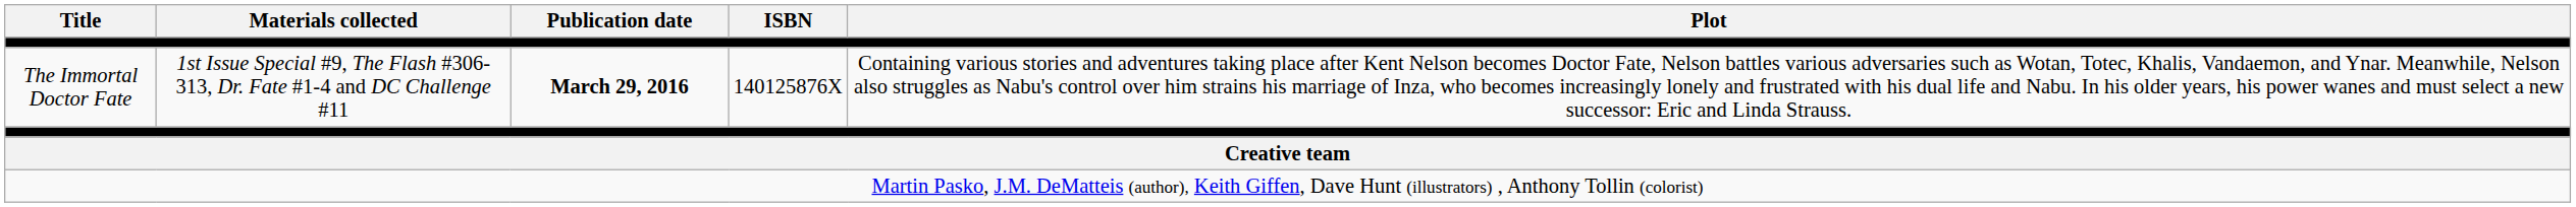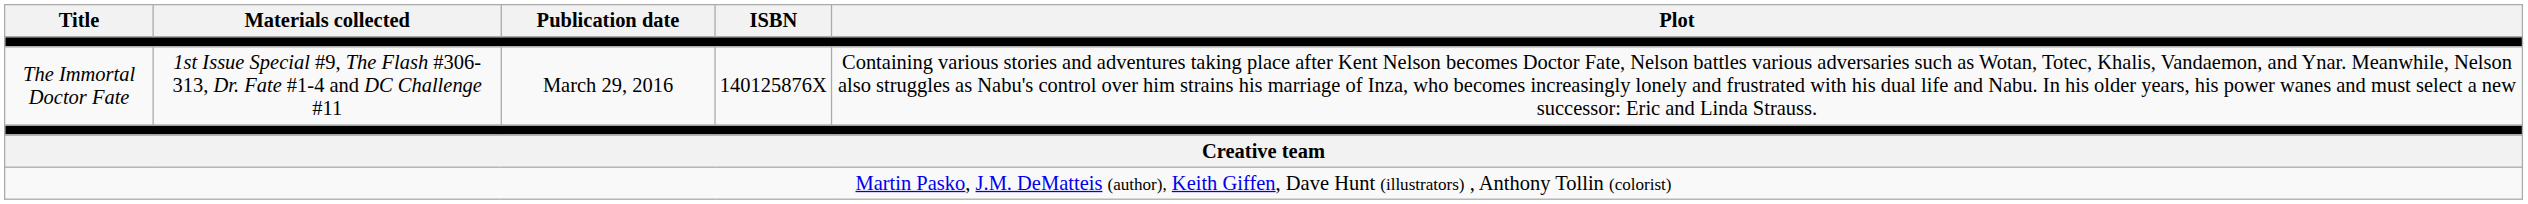 <table class="wikitable" style="text-align: center">
 <tr>
 <th>Title</th>
 <th>Materials collected</th>
 <th style="width: 10em">Publication date</th>
 <th>ISBN</th>
 <th>Plot</th>
 </tr>
 <tr>
 <td colspan="5" style="background:#000000"></td>
 </tr>
 <tr>
 <td><em>The Immortal Doctor Fate</em></td>
 <td><em>1st Issue Special</em> #9, <em>The Flash</em> #306-313, <em>Dr. Fate</em> #1-4 and <em>DC Challenge</em> #11</td>
-<td><strong>March 29, 2016</strong></td>
+<td>March 29, 2016</td>
 <td>140125876X</td>
 <td>Containing various stories and adventures taking place after Kent Nelson becomes Doctor Fate, Nelson battles various adversaries such as Wotan, Totec, Khalis, Vandaemon, and Ynar. Meanwhile, Nelson also struggles as Nabu's control over him strains his marriage of Inza, who becomes increasingly lonely and frustrated with his dual life and Nabu. In his older years, his power wanes and must select a new successor: Eric and Linda Strauss.</td>
 </tr>
 <tr>
 <td colspan="5" style="background:#000000"></td>
 </tr>
 <tr>
 <th colspan="5">Creative team</th>
 </tr>
 <tr>
 <td colspan="5"><a href='#'>Martin Pasko</a>, <a href='#'>J.M. DeMatteis</a> <small>(author),</small> <a href='#'>Keith Giffen</a>, Dave Hunt <small>(illustrators)</small> , Anthony Tollin <small>(colorist)</small></td>
 </tr>
 </table>
